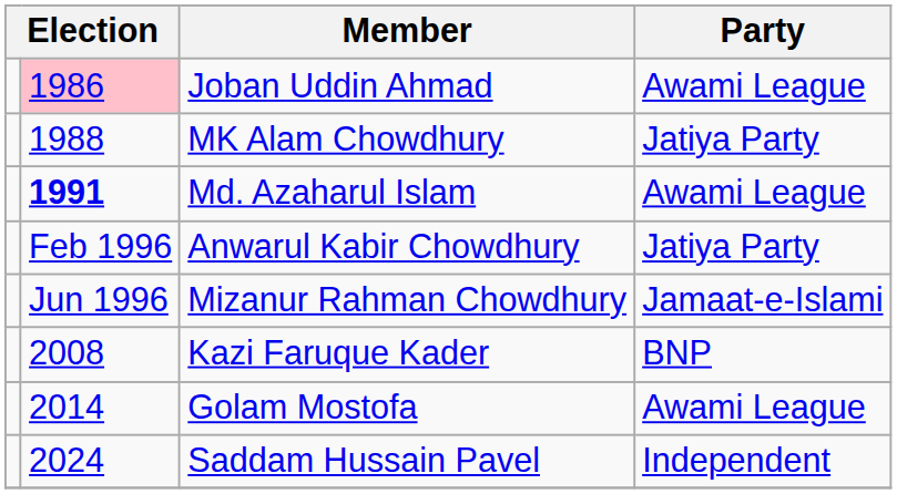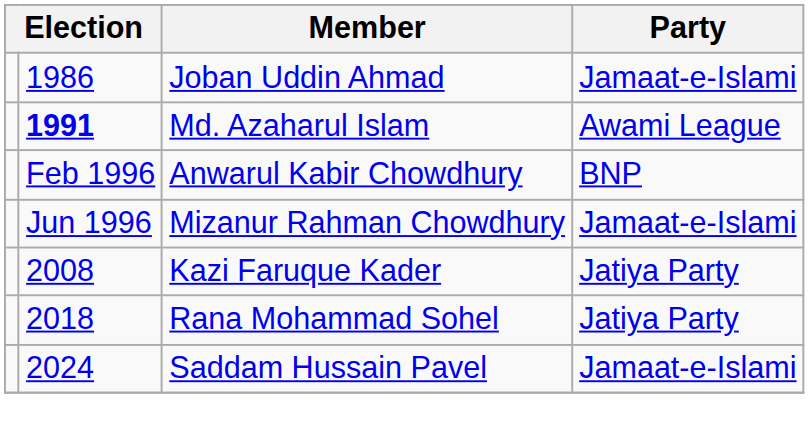 <table class="wikitable">
 <tr>
 <th colspan="2">Election</th>
 <th>Member</th>
 <th>Party</th>
 </tr>
 <tr>
 <td style="background-color:"></td>
-<td style="background: pink;"><a href='#'>1986</a></td>
+<td><a href='#'>1986</a></td>
 <td><a href='#'>Joban Uddin Ahmad</a></td>
-<td><a href='#'>Awami League</a></td>
-</tr>
-<tr>
-<td style="background-color:"></td>
-<td><a href='#'>1988</a></td>
-<td><a href='#'>MK Alam Chowdhury</a></td>
-<td><a href='#'>Jatiya Party</a></td>
+<td><a href='#'>Jamaat-e-Islami</a></td>
 </tr>
 <tr>
 <td style="background-color:"></td>
 <td><strong><a href='#'>1991</a></strong></td>
 <td><a href='#'>Md. Azaharul Islam</a></td>
 <td><a href='#'>Awami League</a></td>
 </tr>
 <tr>
 <td style="background-color:"></td>
 <td><a href='#'>Feb 1996</a></td>
 <td><a href='#'>Anwarul Kabir Chowdhury</a></td>
-<td><a href='#'>Jatiya Party</a></td>
+<td><a href='#'>BNP</a></td>
 </tr>
 <tr>
 <td style="background-color:"></td>
 <td><a href='#'>Jun 1996</a></td>
 <td><a href='#'>Mizanur Rahman Chowdhury</a></td>
 <td><a href='#'>Jamaat-e-Islami</a></td>
 </tr>
 <tr>
 <td style="background-color:"></td>
 <td><a href='#'>2008</a></td>
 <td><a href='#'>Kazi Faruque Kader</a></td>
-<td><a href='#'>BNP</a></td>
+<td><a href='#'>Jatiya Party</a></td>
 </tr>
 <tr>
 <td style="background-color:"></td>
-<td><a href='#'>2014</a></td>
-<td><a href='#'>Golam Mostofa</a></td>
-<td><a href='#'>Awami League</a></td>
+<td><a href='#'>2018</a></td>
+<td><a href='#'>Rana Mohammad Sohel</a></td>
+<td><a href='#'>Jatiya Party</a></td>
 </tr>
 <tr>
 <td style="background-color:"></td>
 <td><a href='#'>2024</a></td>
 <td><a href='#'>Saddam Hussain Pavel</a></td>
-<td><a href='#'>Independent</a></td>
+<td><a href='#'>Jamaat-e-Islami</a></td>
 </tr>
 <tr>
 </tr>
 </table>
